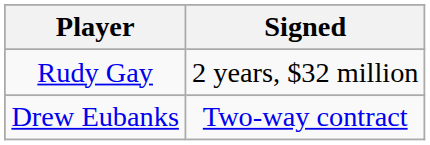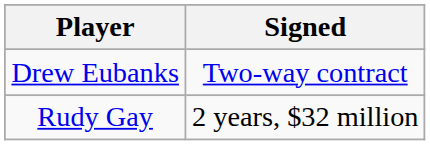 <table class="wikitable sortable sortable">
 <tr>
 <th>Player</th>
 <th>Signed</th>
 </tr>
 <tr style="text-align: center">
+<td><a href='#'>Drew Eubanks</a></td>
+<td><a href='#'>Two-way contract</a></td>
+</tr>
+<tr style="text-align: center">
 <td><a href='#'>Rudy Gay</a></td>
 <td>2 years, $32 million</td>
 </tr>
-<tr style="text-align: center">
-<td><a href='#'>Drew Eubanks</a></td>
-<td><a href='#'>Two-way contract</a></td>
-</tr>
 </table>
